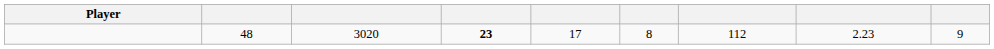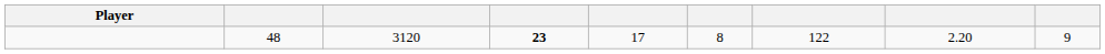 <table class="wikitable sortable" style="width:100%;">
 <tr style="text-align:center; background:#ddd;">
 <th>Player</th>
 <th></th>
 <th></th>
 <th></th>
 <th></th>
 <th></th>
 <th></th>
 <th></th>
 <th></th>
 </tr>
 <tr align=center>
 <td></td>
 <td>48</td>
-<td>3020</td>
+<td>3120</td>
 <td><strong>23</strong></td>
 <td>17</td>
 <td>8</td>
-<td>112</td>
-<td>2.23</td>
+<td>122</td>
+<td>2.20</td>
 <td>9</td>
 </tr>
 </table>
